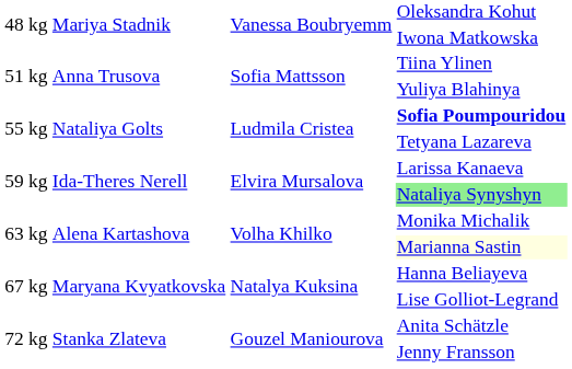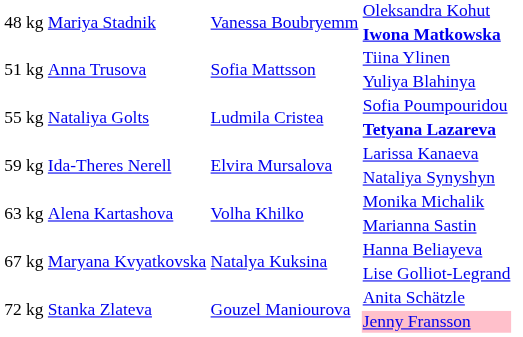 <table>
 <tr>
 <td rowspan=2>48 kg</td>
 <td rowspan=2> <a href='#'>Mariya Stadnik</a></td>
 <td rowspan=2> <a href='#'>Vanessa Boubryemm</a></td>
 <td> <a href='#'>Oleksandra Kohut</a></td>
 </tr>
 <tr>
-<td> <a href='#'>Iwona Matkowska</a></td>
+<td><strong> <a href='#'>Iwona Matkowska</a></strong></td>
 </tr>
 <tr>
 <td rowspan=2>51 kg</td>
 <td rowspan=2> <a href='#'>Anna Trusova</a></td>
 <td rowspan=2> <a href='#'>Sofia Mattsson</a></td>
 <td> <a href='#'>Tiina Ylinen</a></td>
 </tr>
 <tr>
 <td> <a href='#'>Yuliya Blahinya</a></td>
 </tr>
 <tr>
 <td rowspan=2>55 kg</td>
 <td rowspan=2> <a href='#'>Nataliya Golts</a></td>
 <td rowspan=2> <a href='#'>Ludmila Cristea</a></td>
-<td><strong> <a href='#'>Sofia Poumpouridou</a></strong></td>
+<td> <a href='#'>Sofia Poumpouridou</a></td>
 </tr>
 <tr>
-<td> <a href='#'>Tetyana Lazareva</a></td>
+<td><strong> <a href='#'>Tetyana Lazareva</a></strong></td>
 </tr>
 <tr>
 <td rowspan=2>59 kg</td>
 <td rowspan=2> <a href='#'>Ida-Theres Nerell</a></td>
 <td rowspan=2> <a href='#'>Elvira Mursalova</a></td>
 <td> <a href='#'>Larissa Kanaeva</a></td>
 </tr>
 <tr>
-<td style="background: lightgreen;"> <a href='#'>Nataliya Synyshyn</a></td>
+<td> <a href='#'>Nataliya Synyshyn</a></td>
 </tr>
 <tr>
 <td rowspan=2>63 kg</td>
 <td rowspan=2> <a href='#'>Alena Kartashova</a></td>
 <td rowspan=2> <a href='#'>Volha Khilko</a></td>
 <td> <a href='#'>Monika Michalik</a></td>
 </tr>
 <tr>
-<td style="background: lightyellow;"> <a href='#'>Marianna Sastin</a></td>
+<td> <a href='#'>Marianna Sastin</a></td>
 </tr>
 <tr>
 <td rowspan=2>67 kg</td>
 <td rowspan=2> <a href='#'>Maryana Kvyatkovska</a></td>
 <td rowspan=2> <a href='#'>Natalya Kuksina</a></td>
 <td> <a href='#'>Hanna Beliayeva</a></td>
 </tr>
 <tr>
 <td> <a href='#'>Lise Golliot-Legrand</a></td>
 </tr>
 <tr>
 <td rowspan=2>72 kg</td>
 <td rowspan=2> <a href='#'>Stanka Zlateva</a></td>
 <td rowspan=2> <a href='#'>Gouzel Maniourova</a></td>
 <td> <a href='#'>Anita Schätzle</a></td>
 </tr>
 <tr>
-<td> <a href='#'>Jenny Fransson</a></td>
+<td style="background: pink;"> <a href='#'>Jenny Fransson</a></td>
 </tr>
 </table>
